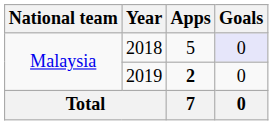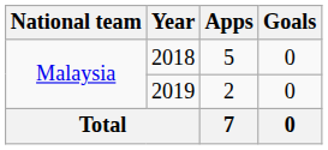 <table class=wikitable style="text-align: center;">
 <tr>
 <th>National team</th>
 <th>Year</th>
 <th>Apps</th>
 <th>Goals</th>
 </tr>
 <tr>
 <td rowspan=2><a href='#'>Malaysia</a></td>
 <td>2018</td>
 <td>5</td>
-<td style="background: lavender;">0</td>
+<td>0</td>
 </tr>
 <tr>
 <td>2019</td>
-<td><strong>2</strong></td>
+<td>2</td>
 <td>0</td>
 </tr>
 <tr>
 <th colspan=2>Total</th>
 <th>7</th>
 <th>0</th>
 </tr>
 </table>
